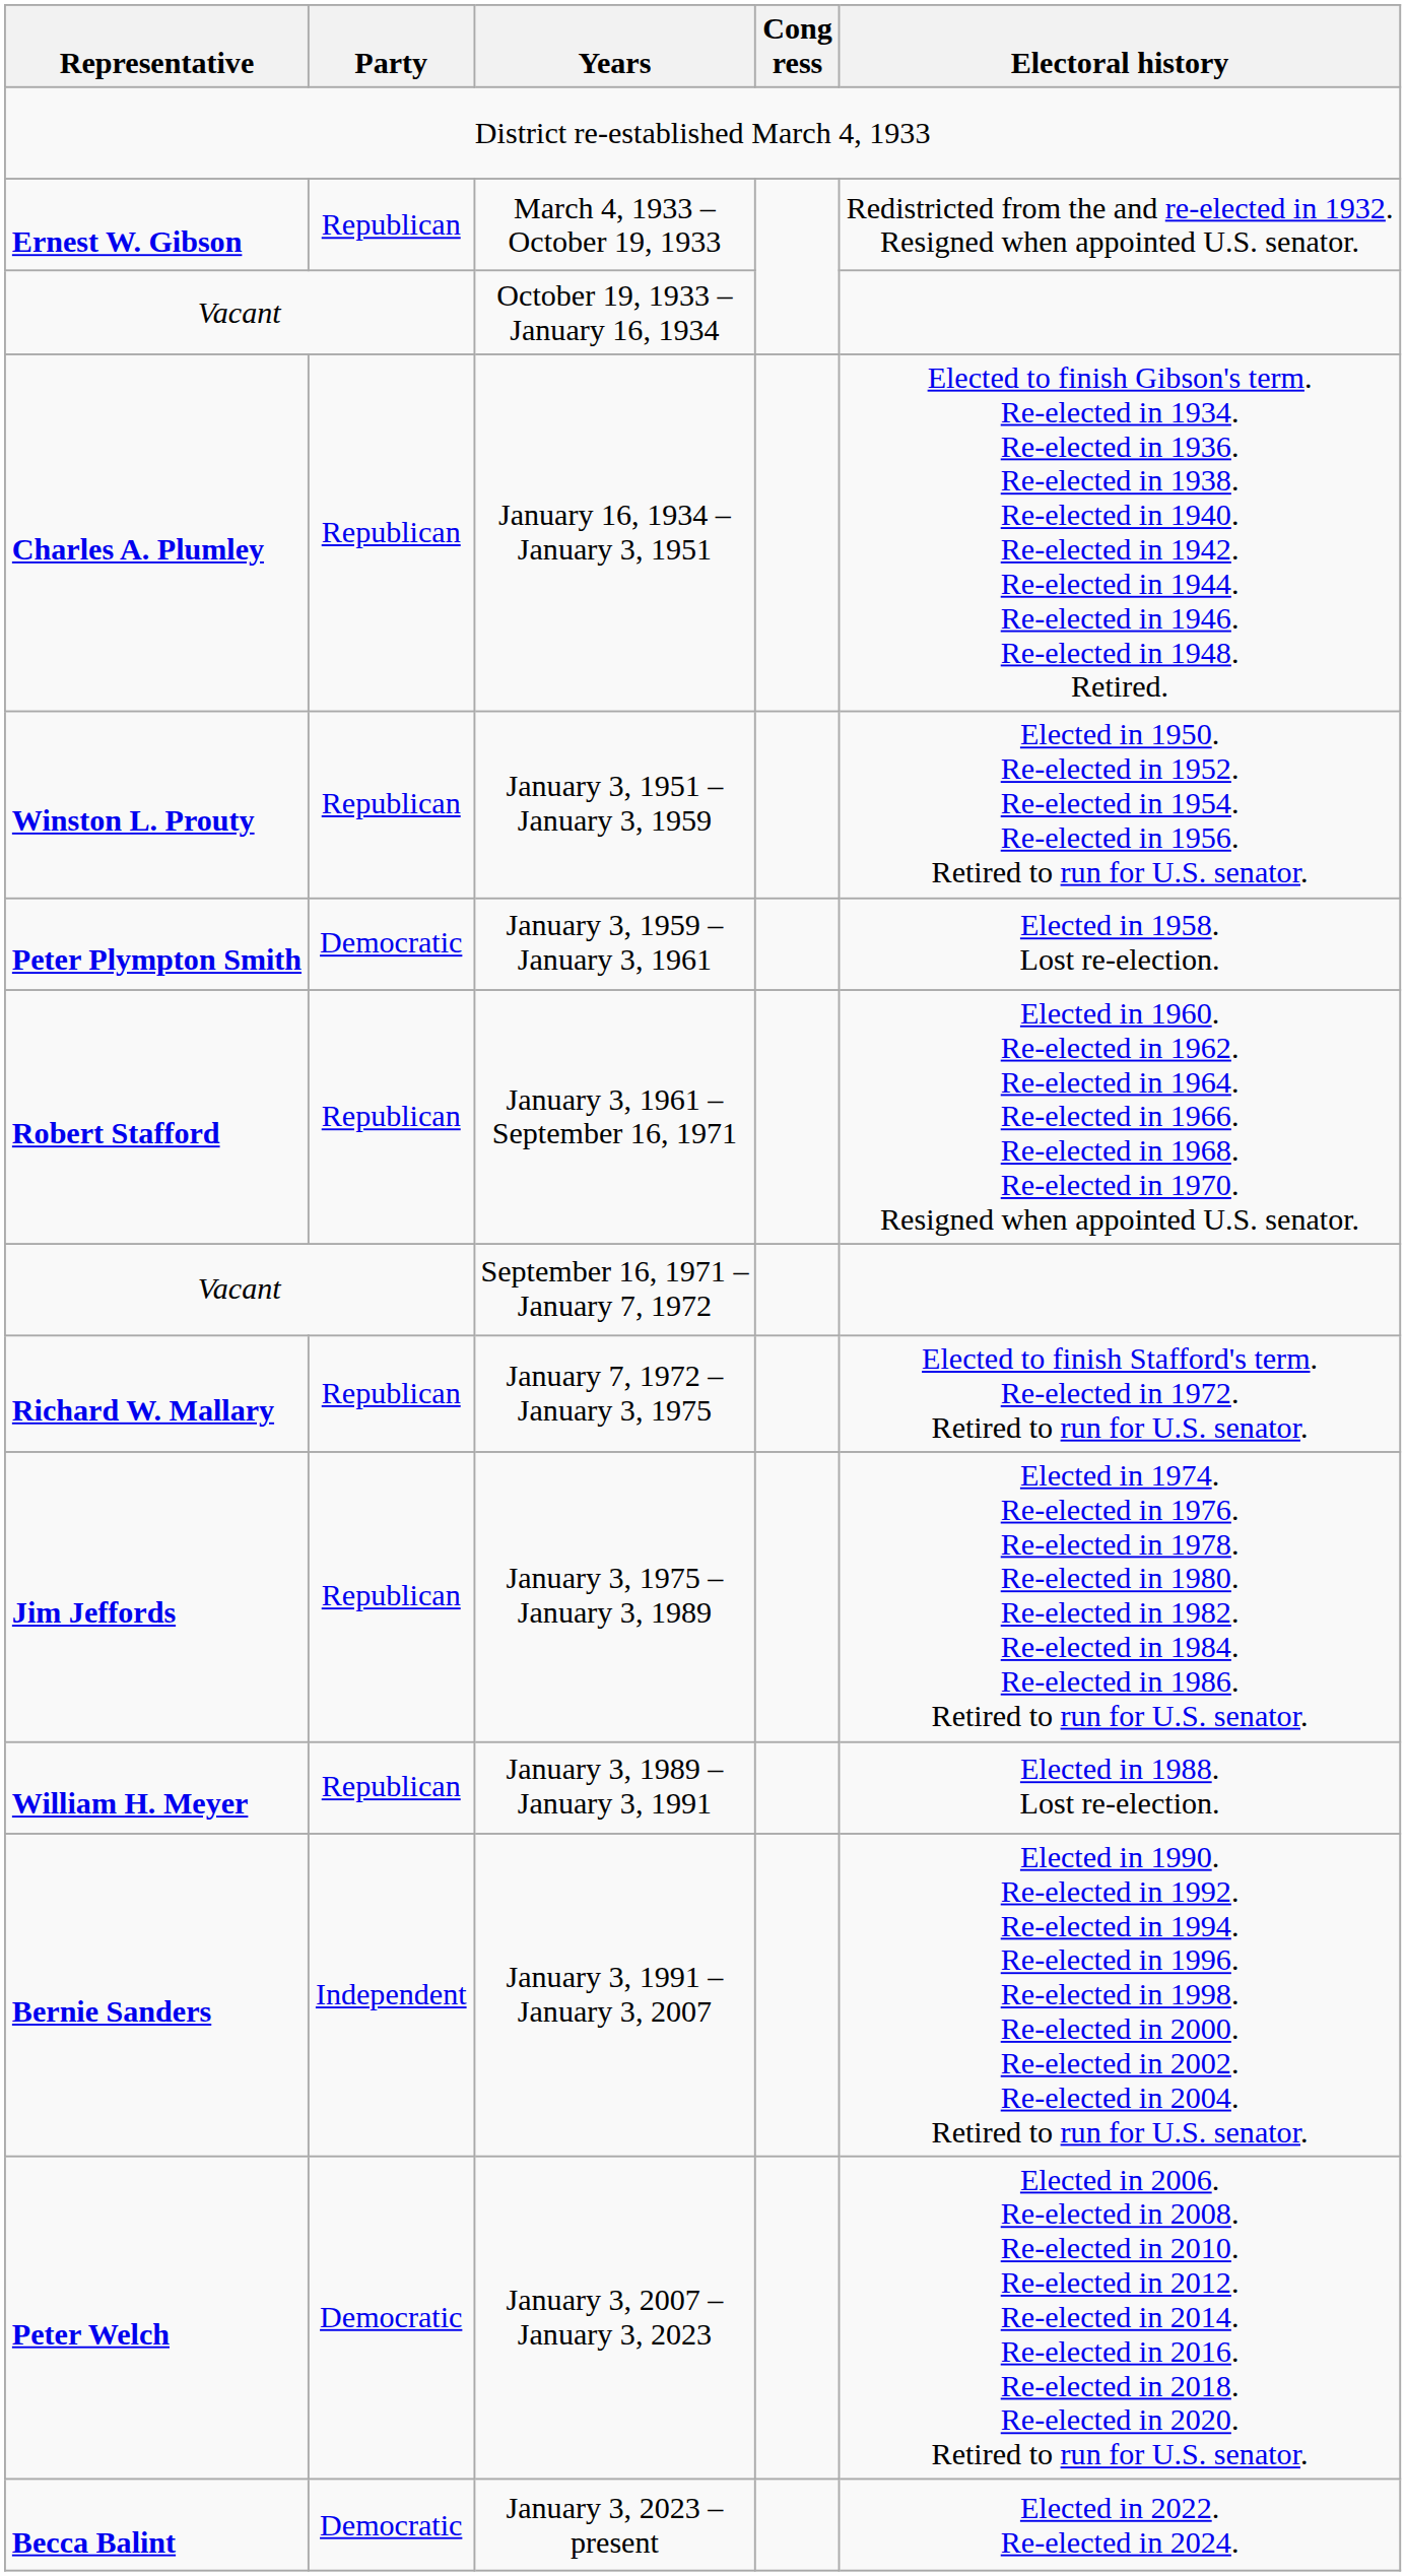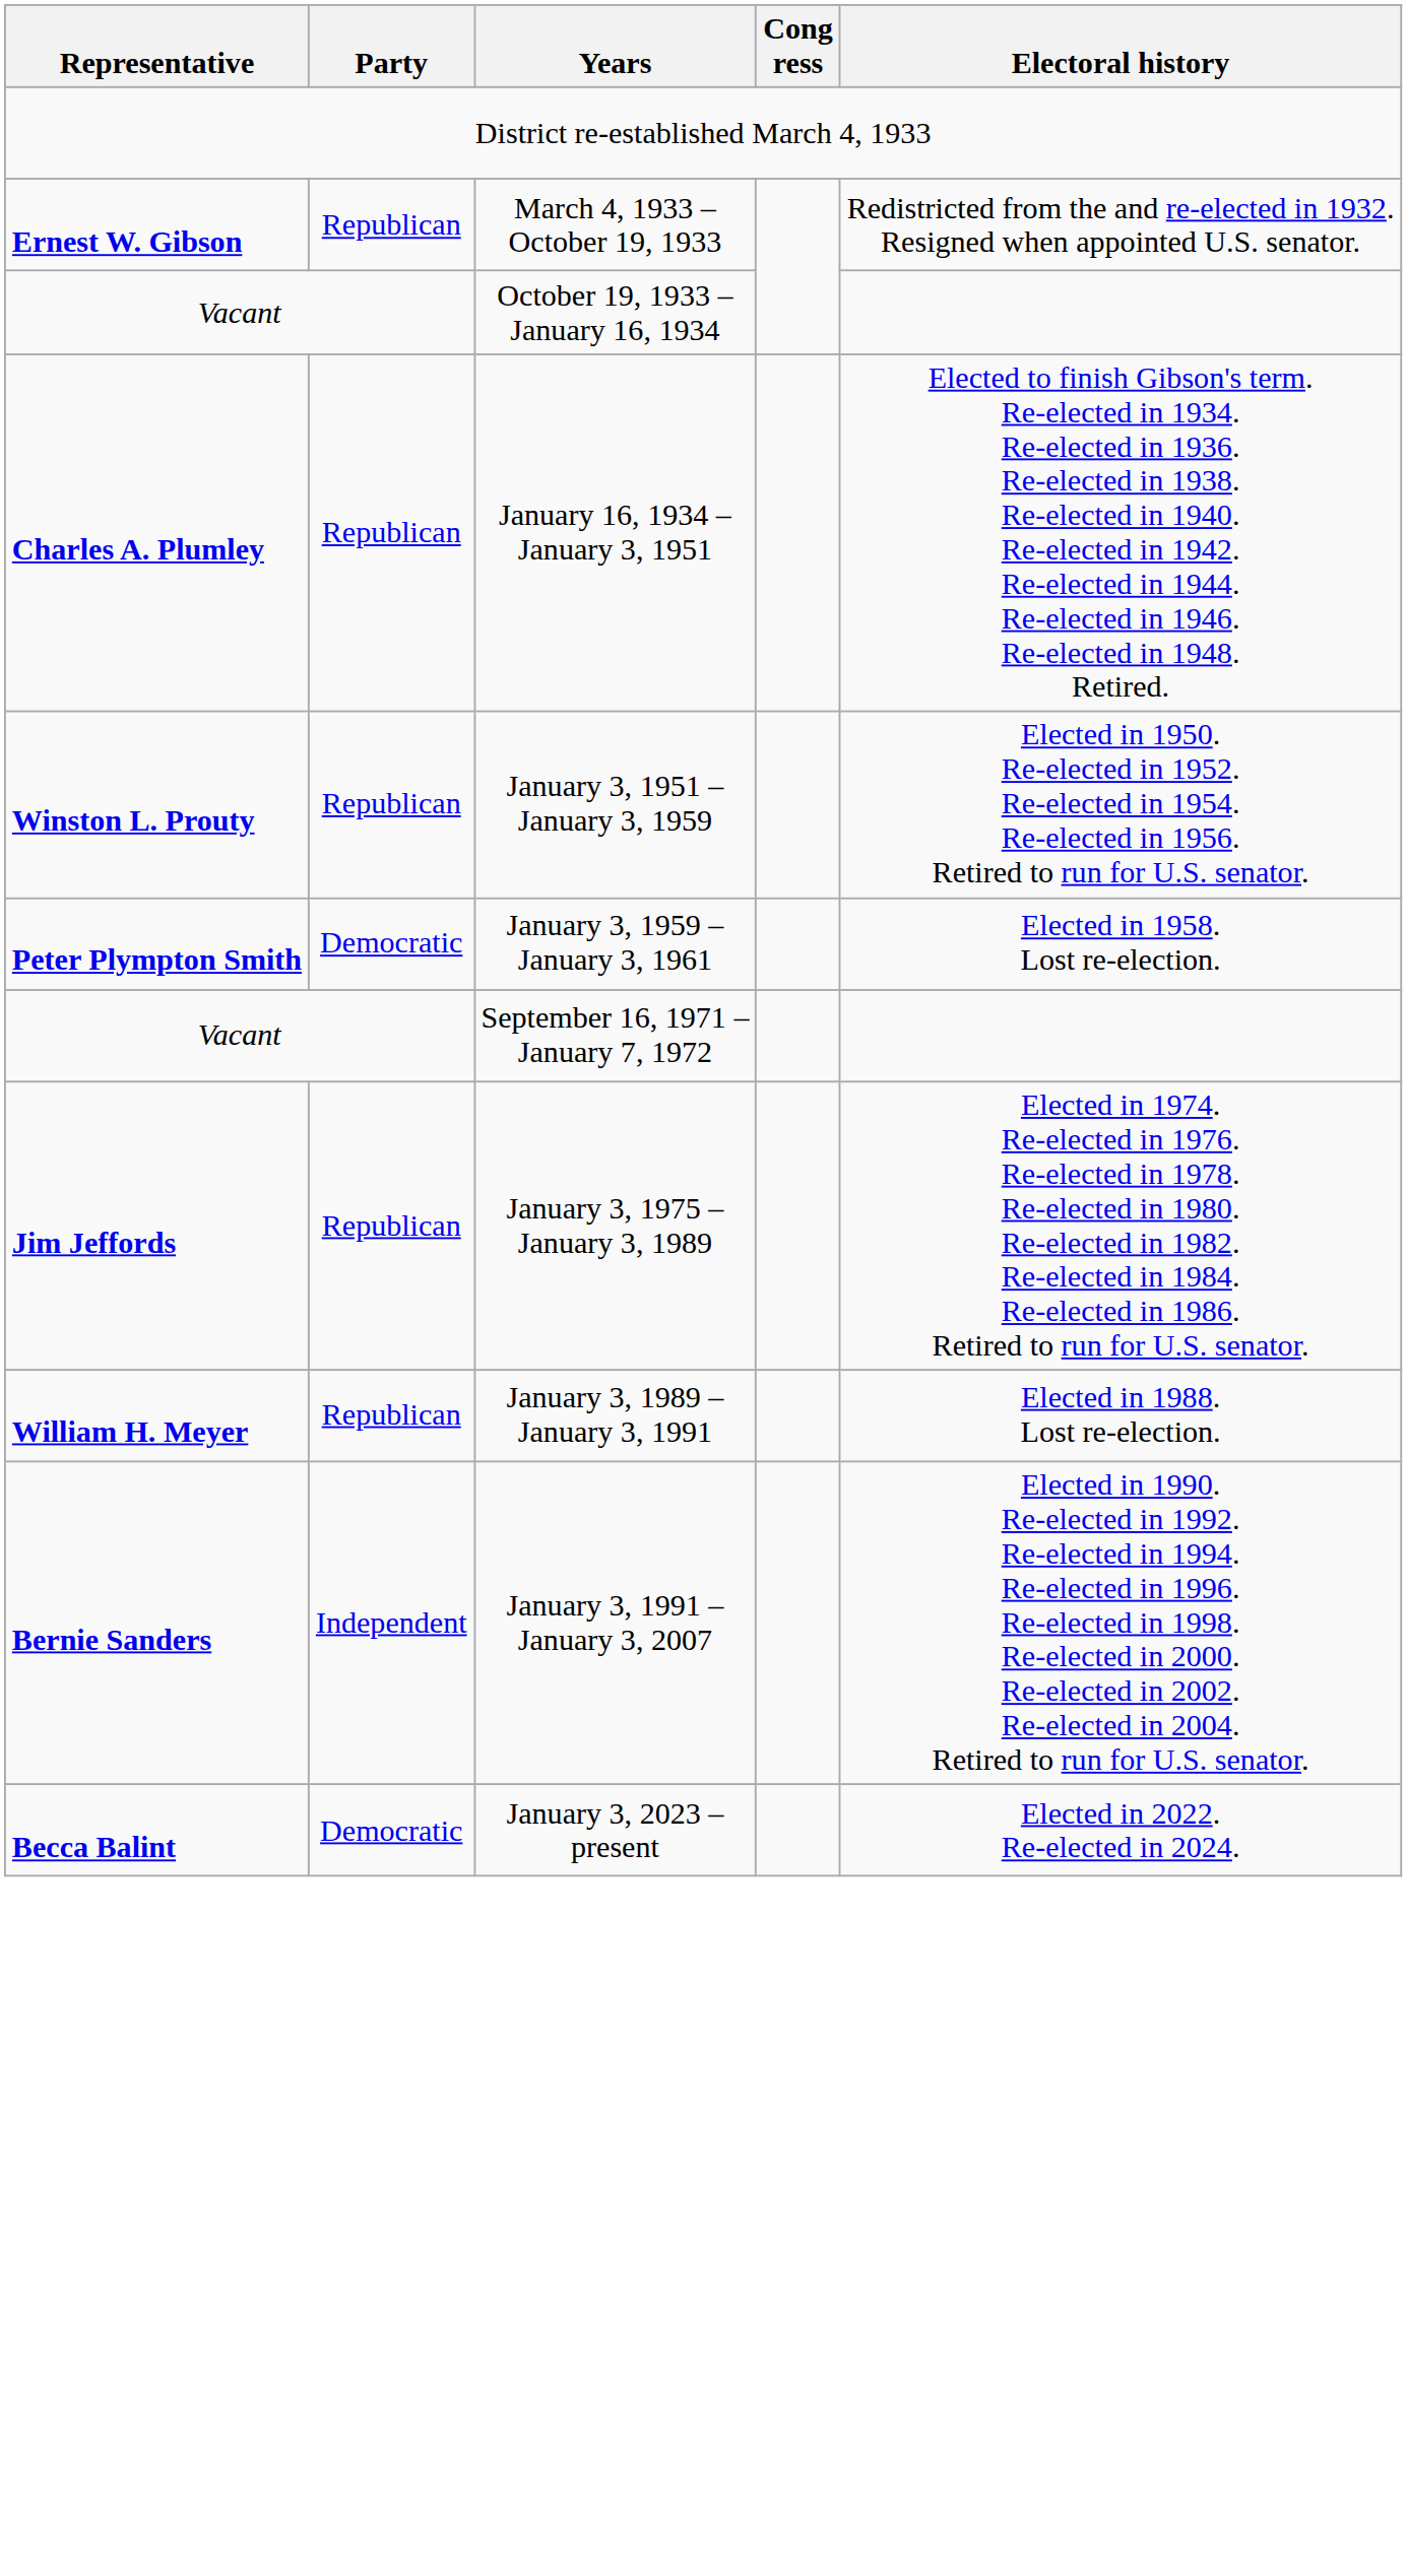 <table class=wikitable style="text-align:center">
 <tr valign=bottom>
 <th>Representative</th>
 <th>Party</th>
 <th>Years</th>
 <th>Cong<br>ress</th>
 <th>Electoral history</th>
 </tr>
 <tr style="height:3em">
 <td colspan=5>District re-established March 4, 1933</td>
 </tr>
 <tr style="height:3em">
 <td align=left><br><strong><a href='#'>Ernest W. Gibson</a></strong><br></td>
 <td><a href='#'>Republican</a></td>
 <td nowrap>March 4, 1933 –<br>October 19, 1933</td>
 <td rowspan=2></td>
 <td>Redistricted from the  and <a href='#'>re-elected in 1932</a>.<br>Resigned when appointed U.S. senator.</td>
 </tr>
 <tr style="height:p">
 <td colspan=2><em>Vacant</em></td>
 <td nowrap>October 19, 1933 –<br>January 16, 1934</td>
 <td></td>
 </tr>
 <tr style="height:3em">
 <td align=left><br><strong><a href='#'>Charles A. Plumley</a></strong><br></td>
 <td><a href='#'>Republican</a></td>
 <td nowrap>January 16, 1934 –<br>January 3, 1951</td>
 <td></td>
 <td><a href='#'>Elected to finish Gibson's term</a>.<br><a href='#'>Re-elected in 1934</a>.<br><a href='#'>Re-elected in 1936</a>.<br><a href='#'>Re-elected in 1938</a>.<br><a href='#'>Re-elected in 1940</a>.<br><a href='#'>Re-elected in 1942</a>.<br><a href='#'>Re-elected in 1944</a>.<br><a href='#'>Re-elected in 1946</a>.<br><a href='#'>Re-elected in 1948</a>.<br>Retired.</td>
 </tr>
 <tr style="height:3em">
 <td align=left><br><strong><a href='#'>Winston L. Prouty</a></strong><br></td>
 <td><a href='#'>Republican</a></td>
 <td nowrap>January 3, 1951 –<br>January 3, 1959</td>
 <td></td>
 <td><a href='#'>Elected in 1950</a>.<br><a href='#'>Re-elected in 1952</a>.<br><a href='#'>Re-elected in 1954</a>.<br><a href='#'>Re-elected in 1956</a>.<br>Retired to <a href='#'>run for U.S. senator</a>.</td>
 </tr>
 <tr style="height:3em">
 <td align=left><br><strong><a href='#'>Peter Plympton Smith</a></strong><br></td>
 <td><a href='#'>Democratic</a></td>
 <td nowrap>January 3, 1959 –<br>January 3, 1961</td>
 <td></td>
 <td><a href='#'>Elected in 1958</a>.<br>Lost re-election.</td>
 </tr>
 <tr style="height:3em">
-<td align=left><br><strong><a href='#'>Robert Stafford</a></strong><br></td>
-<td><a href='#'>Republican</a></td>
-<td nowrap>January 3, 1961 –<br>September 16, 1971</td>
-<td></td>
-<td><a href='#'>Elected in 1960</a>.<br><a href='#'>Re-elected in 1962</a>.<br><a href='#'>Re-elected in 1964</a>.<br><a href='#'>Re-elected in 1966</a>.<br><a href='#'>Re-elected in 1968</a>.<br><a href='#'>Re-elected in 1970</a>.<br>Resigned when appointed U.S. senator.</td>
-</tr>
-<tr style="height:3em">
 <td colspan=2><em>Vacant</em></td>
 <td nowrap>September 16, 1971 –<br>January 7, 1972</td>
 <td></td>
 <td></td>
-</tr>
-<tr style="height:3em">
-<td align=left><br><strong><a href='#'>Richard W. Mallary</a></strong><br></td>
-<td><a href='#'>Republican</a></td>
-<td nowrap>January 7, 1972 –<br>January 3, 1975</td>
-<td></td>
-<td><a href='#'>Elected to finish Stafford's term</a>.<br><a href='#'>Re-elected in 1972</a>.<br>Retired to <a href='#'>run for U.S. senator</a>.</td>
 </tr>
 <tr style="height:3em">
 <td align=left><br><strong><a href='#'>Jim Jeffords</a></strong><br></td>
 <td><a href='#'>Republican</a></td>
 <td nowrap>January 3, 1975 –<br>January 3, 1989</td>
 <td></td>
 <td><a href='#'>Elected in 1974</a>.<br><a href='#'>Re-elected in 1976</a>.<br><a href='#'>Re-elected in 1978</a>.<br><a href='#'>Re-elected in 1980</a>.<br><a href='#'>Re-elected in 1982</a>.<br><a href='#'>Re-elected in 1984</a>.<br><a href='#'>Re-elected in 1986</a>.<br>Retired to <a href='#'>run for U.S. senator</a>.</td>
 </tr>
 <tr style="height:3em">
 <td align=left><br><strong><a href='#'>William H. Meyer</a></strong><br></td>
 <td><a href='#'>Republican</a></td>
 <td nowrap>January 3, 1989 –<br>January 3, 1991</td>
 <td></td>
 <td><a href='#'>Elected in 1988</a>.<br>Lost re-election.</td>
 </tr>
 <tr style="height:3em">
 <td align=left><br><strong><a href='#'>Bernie Sanders</a></strong><br></td>
 <td><a href='#'>Independent</a></td>
 <td nowrap>January 3, 1991 –<br>January 3, 2007</td>
 <td></td>
 <td><a href='#'>Elected in 1990</a>.<br><a href='#'>Re-elected in 1992</a>.<br><a href='#'>Re-elected in 1994</a>.<br><a href='#'>Re-elected in 1996</a>.<br><a href='#'>Re-elected in 1998</a>.<br><a href='#'>Re-elected in 2000</a>.<br><a href='#'>Re-elected in 2002</a>.<br><a href='#'>Re-elected in 2004</a>.<br>Retired to <a href='#'>run for U.S. senator</a>.</td>
 </tr>
 <tr style="height:3em">
-<td align=left><br><strong><a href='#'>Peter Welch</a></strong><br></td>
-<td><a href='#'>Democratic</a></td>
-<td nowrap>January 3, 2007 –<br>January 3, 2023</td>
-<td></td>
-<td><a href='#'>Elected in 2006</a>.<br><a href='#'>Re-elected in 2008</a>.<br><a href='#'>Re-elected in 2010</a>.<br><a href='#'>Re-elected in 2012</a>.<br><a href='#'>Re-elected in 2014</a>.<br><a href='#'>Re-elected in 2016</a>.<br><a href='#'>Re-elected in 2018</a>.<br><a href='#'>Re-elected in 2020</a>.<br>Retired to <a href='#'>run for U.S. senator</a>.</td>
-</tr>
-<tr style="height:3em">
 <td align=left><br><strong><a href='#'>Becca Balint</a></strong><br></td>
 <td><a href='#'>Democratic</a></td>
 <td nowrap>January 3, 2023 –<br>present</td>
 <td></td>
 <td><a href='#'>Elected in 2022</a>.<br><a href='#'>Re-elected in 2024</a>.</td>
 </tr>
 </table>
